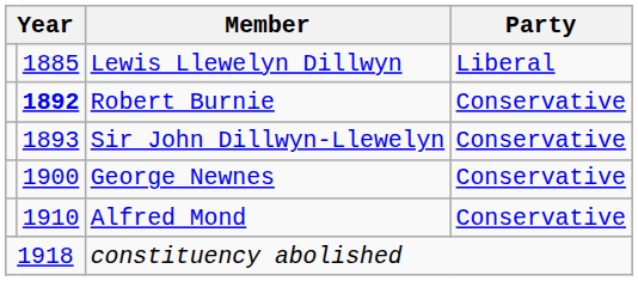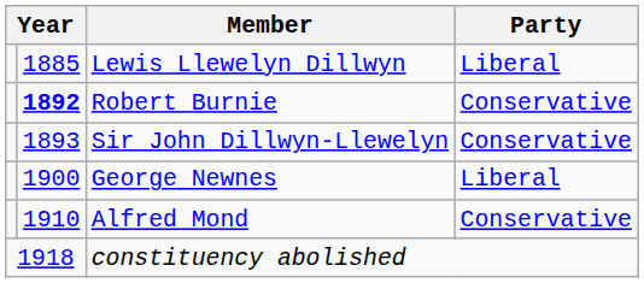 <table class="wikitable">
 <tr>
 <th colspan=2>Year</th>
 <th>Member</th>
 <th>Party</th>
 </tr>
 <tr>
 <td style="color:inherit;background-color: "></td>
 <td><a href='#'>1885</a></td>
 <td><a href='#'>Lewis Llewelyn Dillwyn</a></td>
 <td><a href='#'>Liberal</a></td>
 </tr>
 <tr>
 <td style="color:inherit;background-color: "></td>
 <td><strong><a href='#'>1892</a></strong></td>
 <td><a href='#'>Robert Burnie</a></td>
 <td><a href='#'>Conservative</a></td>
 </tr>
 <tr>
 <td style="color:inherit;background-color: "></td>
 <td><a href='#'>1893</a></td>
 <td><a href='#'>Sir John Dillwyn-Llewelyn</a></td>
 <td><a href='#'>Conservative</a></td>
 </tr>
 <tr>
 <td style="color:inherit;background-color: "></td>
 <td><a href='#'>1900</a></td>
 <td><a href='#'>George Newnes</a></td>
-<td><a href='#'>Conservative</a></td>
+<td><a href='#'>Liberal</a></td>
 </tr>
 <tr>
 <td style="color:inherit;background-color: "></td>
 <td><a href='#'>1910</a></td>
 <td><a href='#'>Alfred Mond</a></td>
 <td><a href='#'>Conservative</a></td>
 </tr>
 <tr>
 <td colspan="2" align="center"><a href='#'>1918</a></td>
 <td colspan="2"><em>constituency abolished</em></td>
 </tr>
 </table>
